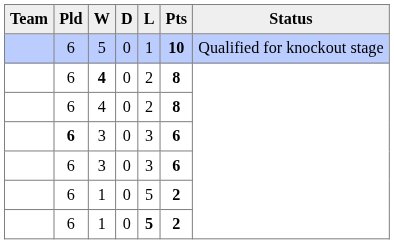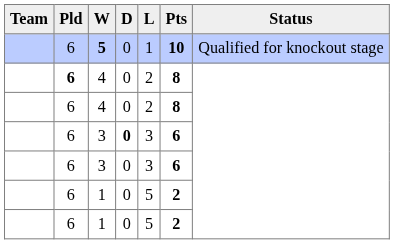 <table style=border-collapse:collapse border=1 cellspacing=0 cellpadding=5>
 <tr align=center bgcolor=#efefef>
 <th>Team</th>
 <th>Pld</th>
 <th>W</th>
 <th>D</th>
 <th>L</th>
 <th>Pts</th>
 <th>Status</th>
 </tr>
 <tr align=center style="background:#bbccff;">
 <td style="text-align:left;"> </td>
 <td>6</td>
-<td>5</td>
+<td><strong>5</strong></td>
 <td>0</td>
 <td>1</td>
 <td><strong>10</strong></td>
 <td rowspan=1>Qualified for knockout stage</td>
 </tr>
 <tr align=center style="background:">
 <td style="text-align:left;"> </td>
-<td>6</td>
-<td><strong>4</strong></td>
+<td><strong>6</strong></td>
+<td>4</td>
 <td>0</td>
 <td>2</td>
 <td><strong>8</strong></td>
 <td rowspan=6></td>
 </tr>
 <tr align=center style="background:">
 <td style="text-align:left;"> </td>
 <td>6</td>
 <td>4</td>
 <td>0</td>
 <td>2</td>
 <td><strong>8</strong></td>
 </tr>
 <tr align=center style="background:#FFFFFF;">
 <td style="text-align:left;"> </td>
-<td><strong>6</strong></td>
+<td>6</td>
 <td>3</td>
-<td>0</td>
+<td><strong>0</strong></td>
 <td>3</td>
 <td><strong>6</strong></td>
 </tr>
 <tr align=center style="background:#FFFFFF;">
 <td style="text-align:left;"> </td>
 <td>6</td>
 <td>3</td>
 <td>0</td>
 <td>3</td>
 <td><strong>6</strong></td>
 </tr>
 <tr align=center style="background:#FFFFFF;">
 <td style="text-align:left;"> </td>
 <td>6</td>
 <td>1</td>
 <td>0</td>
 <td>5</td>
 <td><strong>2</strong></td>
 </tr>
 <tr align=center style="background:#FFFFFF;">
 <td style="text-align:left;"> </td>
 <td>6</td>
 <td>1</td>
 <td>0</td>
-<td><strong>5</strong></td>
+<td>5</td>
 <td><strong>2</strong></td>
 </tr>
 </table>
